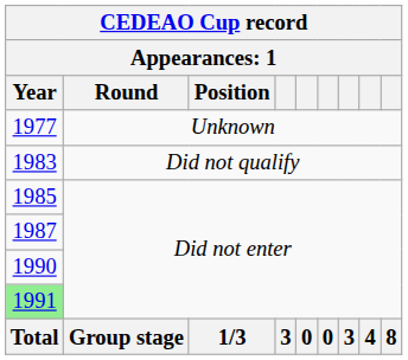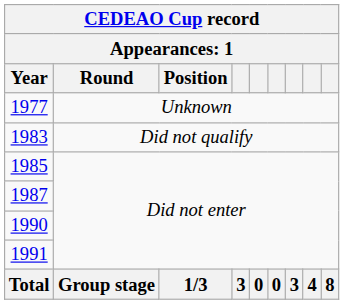 <table class="wikitable" style="text-align: center;">
 <tr>
 <th colspan=9><a href='#'>CEDEAO Cup</a> record</th>
 </tr>
 <tr>
 <th colspan=9>Appearances: 1</th>
 </tr>
 <tr>
 <th>Year</th>
 <th>Round</th>
 <th>Position</th>
 <th></th>
 <th></th>
 <th></th>
 <th></th>
 <th></th>
 <th></th>
 </tr>
 <tr>
 <td> <a href='#'>1977</a></td>
 <td colspan=8><em>Unknown</em></td>
 </tr>
 <tr>
 <td> <a href='#'>1983</a></td>
 <td colspan=8><em>Did not qualify</em></td>
 </tr>
 <tr>
 <td> <a href='#'>1985</a></td>
 <td colspan=8 rowspan=4><em>Did not enter</em></td>
 </tr>
 <tr>
 <td> <a href='#'>1987</a></td>
 </tr>
 <tr>
 <td> <a href='#'>1990</a></td>
 </tr>
 <tr>
-<td style="background: lightgreen;"> <a href='#'>1991</a></td>
+<td> <a href='#'>1991</a></td>
 </tr>
 <tr>
 <th>Total</th>
 <th>Group stage</th>
 <th>1/3</th>
 <th>3</th>
 <th>0</th>
 <th>0</th>
 <th>3</th>
 <th>4</th>
 <th>8</th>
 </tr>
 </table>
